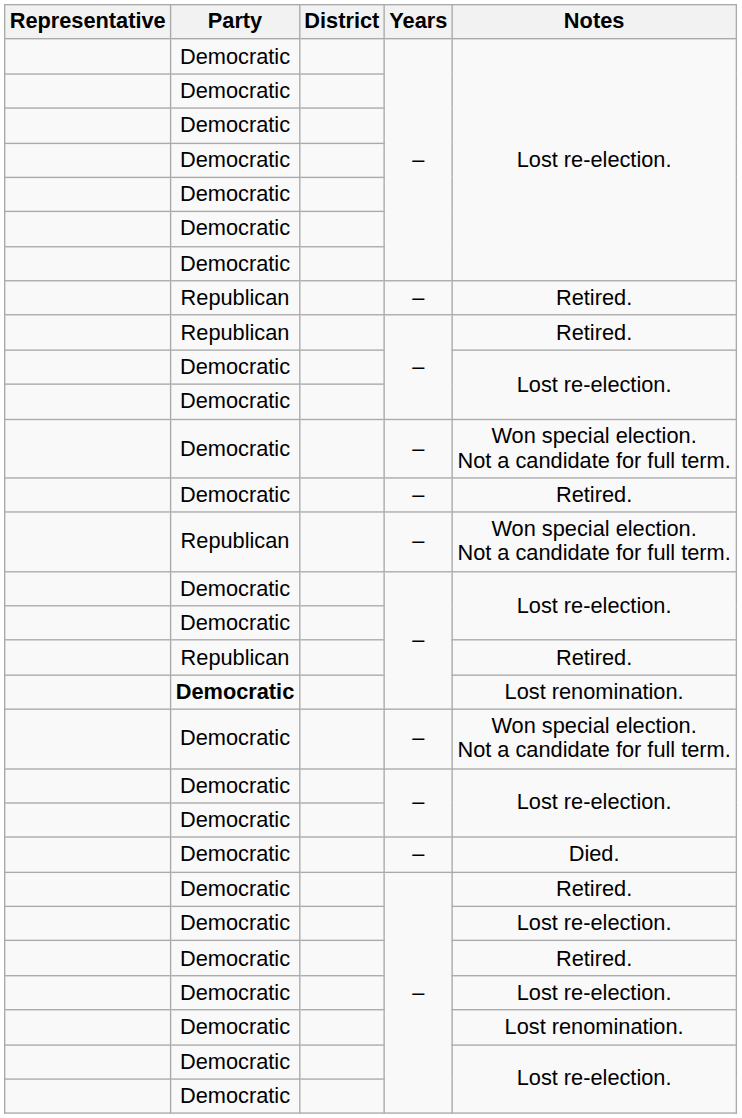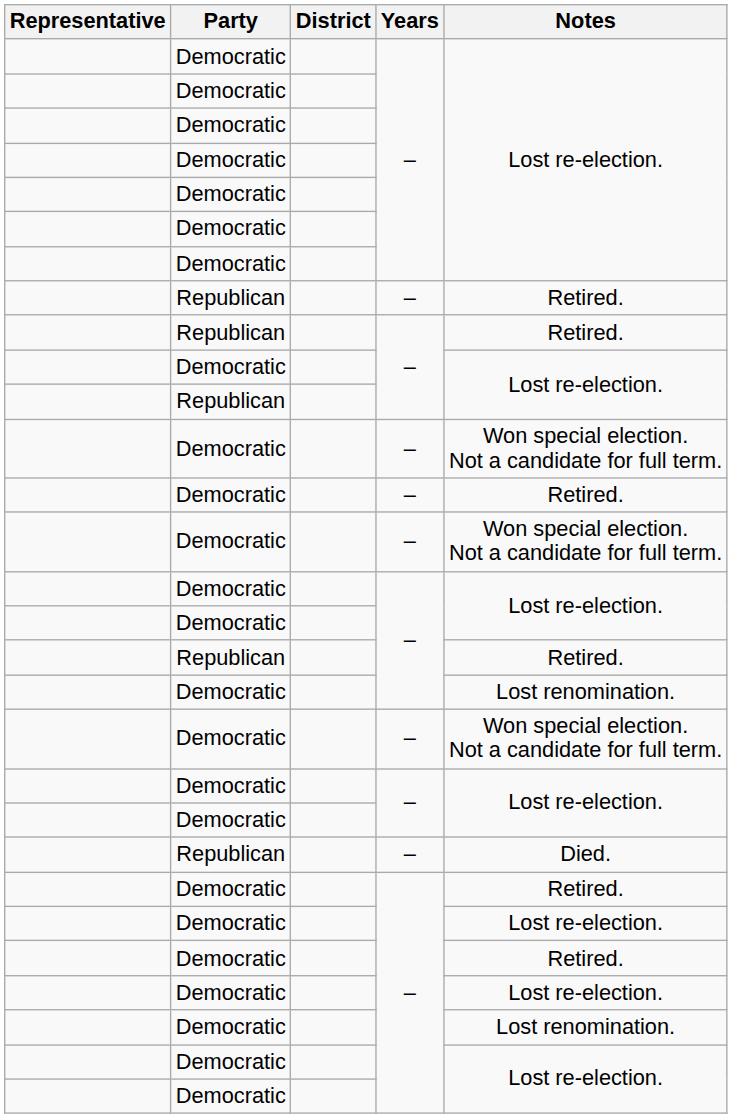 <table class="wikitable sortable" style="text-align:center">
 <tr valign=bottom>
 <th>Representative</th>
 <th>Party</th>
 <th>District</th>
 <th>Years</th>
 <th>Notes</th>
 </tr>
 <tr>
 <td align=left></td>
 <td>Democratic</td>
 <td></td>
 <td rowspan="7" nowrap=""> –<br></td>
 <td rowspan="7">Lost re-election.</td>
 </tr>
 <tr>
 <td align=left></td>
 <td>Democratic</td>
 <td></td>
 </tr>
 <tr>
 <td align=left></td>
 <td>Democratic</td>
 <td></td>
 </tr>
 <tr>
 <td align=left></td>
 <td>Democratic</td>
 <td></td>
 </tr>
 <tr>
 <td align=left></td>
 <td>Democratic</td>
 <td></td>
 </tr>
 <tr>
 <td align=left></td>
 <td>Democratic</td>
 <td></td>
 </tr>
 <tr>
 <td align=left></td>
 <td>Democratic</td>
 <td></td>
 </tr>
 <tr>
 <td align=left></td>
 <td>Republican</td>
 <td></td>
 <td nowrap> –<br></td>
 <td>Retired.</td>
 </tr>
 <tr>
 <td align=left></td>
 <td>Republican</td>
 <td></td>
 <td rowspan="3" nowrap=""> –<br></td>
 <td>Retired.</td>
 </tr>
 <tr>
 <td align=left></td>
 <td>Democratic</td>
 <td></td>
 <td rowspan="2">Lost re-election.</td>
 </tr>
 <tr>
 <td align=left></td>
-<td>Democratic</td>
+<td>Republican</td>
 <td></td>
 </tr>
 <tr>
 <td align=left></td>
 <td>Democratic</td>
 <td></td>
 <td nowrap> –<br></td>
 <td>Won special election.<br>Not a candidate for full term.</td>
 </tr>
 <tr>
 <td align=left></td>
 <td>Democratic</td>
 <td></td>
 <td nowrap> –<br></td>
 <td>Retired.</td>
 </tr>
 <tr>
 <td align=left></td>
-<td>Republican</td>
+<td>Democratic</td>
 <td></td>
 <td nowrap> –<br></td>
 <td>Won special election.<br>Not a candidate for full term.</td>
 </tr>
 <tr>
 <td align=left></td>
 <td>Democratic</td>
 <td></td>
 <td rowspan="4" nowrap=""> –<br></td>
 <td rowspan="2">Lost re-election.</td>
 </tr>
 <tr>
 <td align=left></td>
 <td>Democratic</td>
 <td></td>
 </tr>
 <tr>
 <td align=left></td>
 <td>Republican</td>
 <td></td>
 <td>Retired.</td>
 </tr>
 <tr>
 <td align=left></td>
-<td><strong>Democratic</strong></td>
+<td>Democratic</td>
 <td></td>
 <td>Lost renomination.</td>
 </tr>
 <tr>
 <td align=left></td>
 <td>Democratic</td>
 <td></td>
 <td nowrap> –<br></td>
 <td>Won special election.<br>Not a candidate for full term.</td>
 </tr>
 <tr>
 <td align=left></td>
 <td>Democratic</td>
 <td></td>
 <td rowspan="2" nowrap=""> –<br></td>
 <td rowspan="2">Lost re-election.</td>
 </tr>
 <tr>
 <td align=left></td>
 <td>Democratic</td>
 <td></td>
 </tr>
 <tr>
 <td align=left></td>
-<td>Democratic</td>
+<td>Republican</td>
 <td></td>
 <td nowrap> –<br></td>
 <td>Died.</td>
 </tr>
 <tr>
 <td align=left></td>
 <td>Democratic</td>
 <td></td>
 <td rowspan="7" nowrap=""> –<br></td>
 <td>Retired.</td>
 </tr>
 <tr>
 <td align=left></td>
 <td>Democratic</td>
 <td></td>
 <td>Lost re-election.</td>
 </tr>
 <tr>
 <td align=left></td>
 <td>Democratic</td>
 <td></td>
 <td>Retired.</td>
 </tr>
 <tr>
 <td align=left></td>
 <td>Democratic</td>
 <td></td>
 <td>Lost re-election.</td>
 </tr>
 <tr>
 <td align=left></td>
 <td>Democratic</td>
 <td></td>
 <td>Lost renomination.</td>
 </tr>
 <tr>
 <td align=left></td>
 <td>Democratic</td>
 <td></td>
 <td rowspan="2">Lost re-election.</td>
 </tr>
 <tr>
 <td align=left></td>
 <td>Democratic</td>
 <td></td>
 </tr>
 </table>
